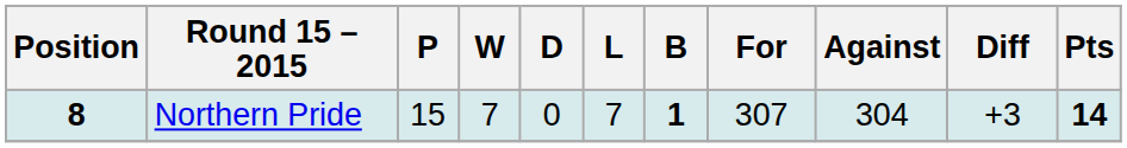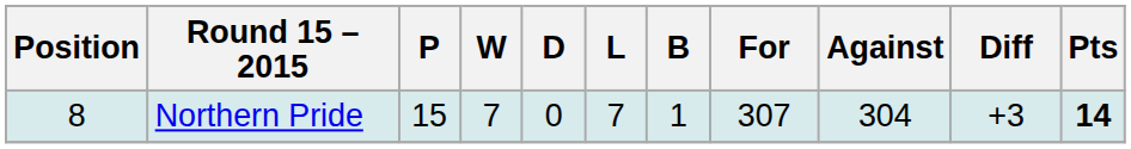 <table class="wikitable" style="text-align:center; font-size:85%;">
 <tr>
 <th width=40 abbr="Position">Position</th>
 <th width=100>Round 15 – 2015</th>
 <th width=20 abbr="Played">P</th>
 <th width=20 abbr="Won">W</th>
 <th width=20 abbr="Drawn">D</th>
 <th width=20 abbr="Lost">L</th>
 <th width=20 abbr="Bye">B</th>
 <th width=40 abbr="Points for">For</th>
 <th width=40 abbr="Points against">Against</th>
 <th width=40 abbr="Points difference">Diff</th>
 <th width=20 abbr="Points">Pts</th>
 </tr>
 <tr style="background: #d7ebed;">
-<td><strong>8</strong></td>
+<td>8</td>
 <td style="text-align:left;"> <a href='#'>Northern Pride</a></td>
 <td>15</td>
 <td>7</td>
 <td>0</td>
 <td>7</td>
-<td><strong>1</strong></td>
+<td>1</td>
 <td>307</td>
 <td>304</td>
 <td>+3</td>
 <td><strong>14</strong></td>
 </tr>
 <tr>
 </tr>
 </table>
